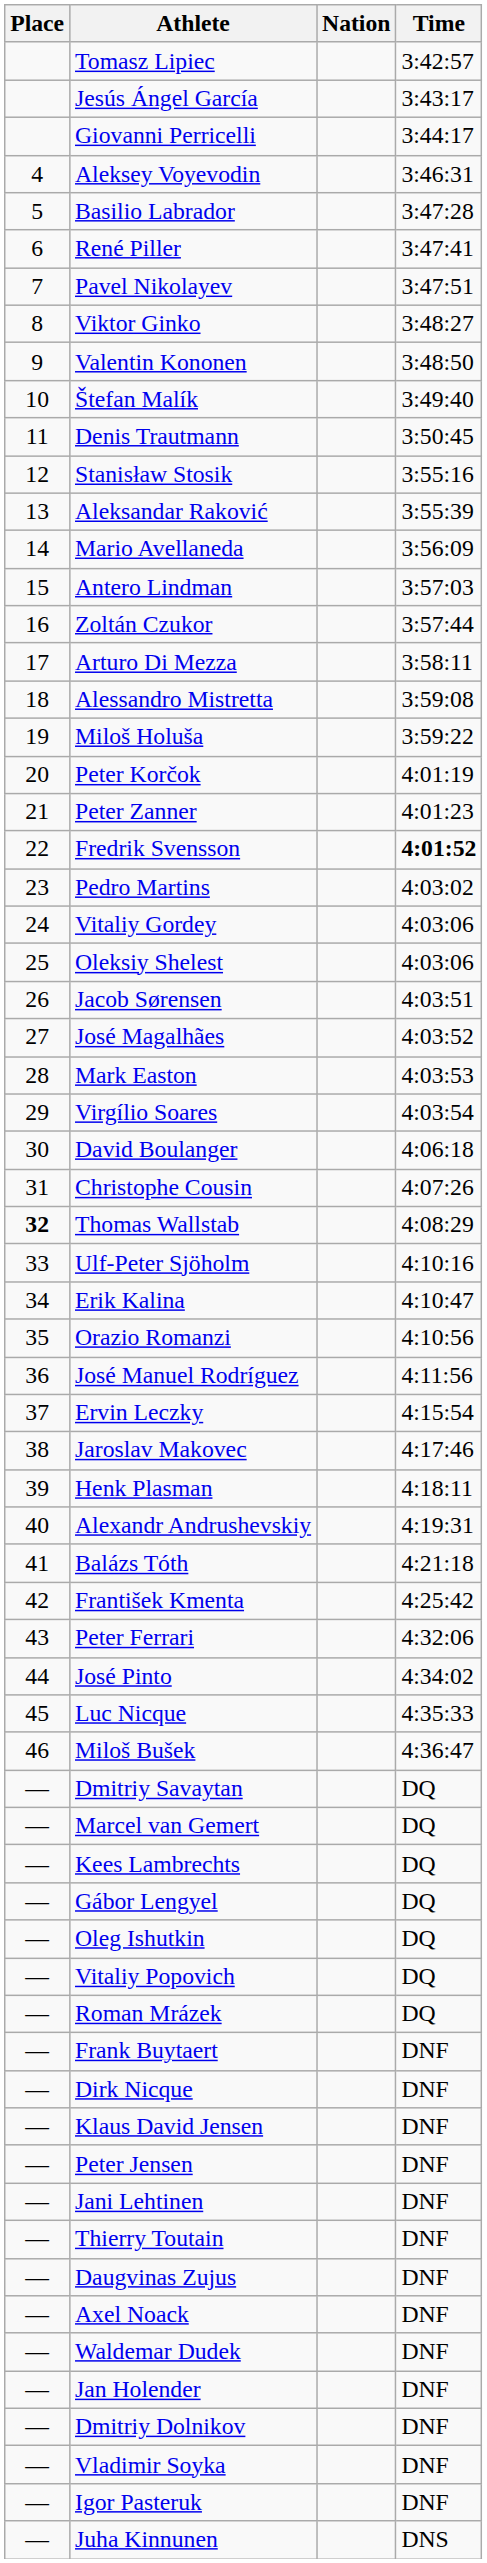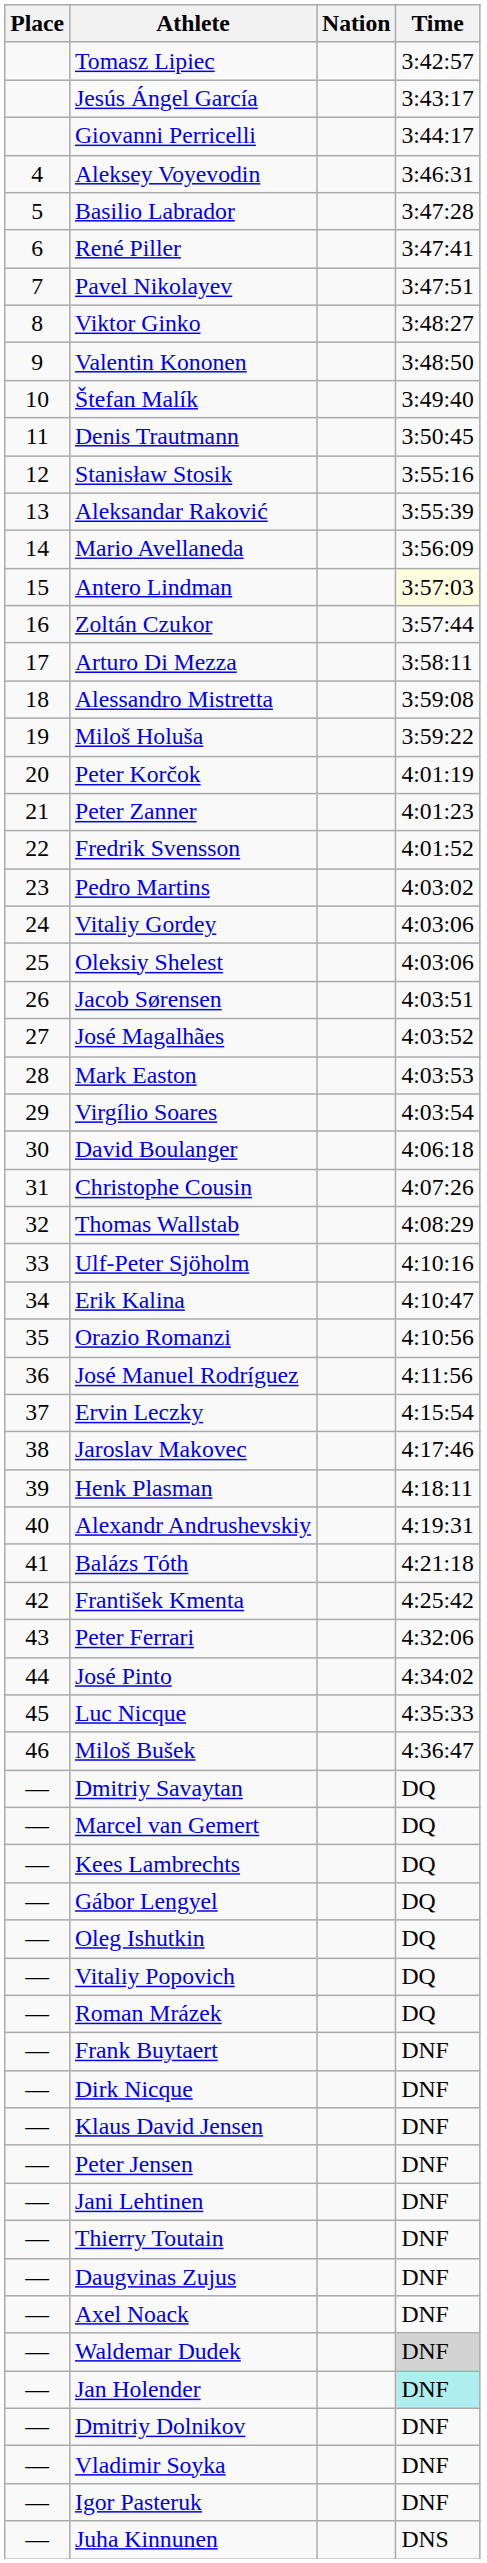 <table class="wikitable sortable">
 <tr>
 <th>Place</th>
 <th>Athlete</th>
 <th>Nation</th>
 <th>Time</th>
 </tr>
 <tr>
 <td align=center></td>
 <td><a href='#'>Tomasz Lipiec</a></td>
 <td></td>
 <td>3:42:57</td>
 </tr>
 <tr>
 <td align=center></td>
 <td><a href='#'>Jesús Ángel García</a></td>
 <td></td>
 <td>3:43:17</td>
 </tr>
 <tr>
 <td align=center></td>
 <td><a href='#'>Giovanni Perricelli</a></td>
 <td></td>
 <td>3:44:17</td>
 </tr>
 <tr>
 <td align=center>4</td>
 <td><a href='#'>Aleksey Voyevodin</a></td>
 <td></td>
 <td>3:46:31</td>
 </tr>
 <tr>
 <td align=center>5</td>
 <td><a href='#'>Basilio Labrador</a></td>
 <td></td>
 <td>3:47:28</td>
 </tr>
 <tr>
 <td align=center>6</td>
 <td><a href='#'>René Piller</a></td>
 <td></td>
 <td>3:47:41</td>
 </tr>
 <tr>
 <td align=center>7</td>
 <td><a href='#'>Pavel Nikolayev</a></td>
 <td></td>
 <td>3:47:51</td>
 </tr>
 <tr>
 <td align=center>8</td>
 <td><a href='#'>Viktor Ginko</a></td>
 <td></td>
 <td>3:48:27</td>
 </tr>
 <tr>
 <td align=center>9</td>
 <td><a href='#'>Valentin Kononen</a></td>
 <td></td>
 <td>3:48:50</td>
 </tr>
 <tr>
 <td align=center>10</td>
 <td><a href='#'>Štefan Malík</a></td>
 <td></td>
 <td>3:49:40</td>
 </tr>
 <tr>
 <td align=center>11</td>
 <td><a href='#'>Denis Trautmann</a></td>
 <td></td>
 <td>3:50:45</td>
 </tr>
 <tr>
 <td align=center>12</td>
 <td><a href='#'>Stanisław Stosik</a></td>
 <td></td>
 <td>3:55:16</td>
 </tr>
 <tr>
 <td align=center>13</td>
 <td><a href='#'>Aleksandar Raković</a></td>
 <td></td>
 <td>3:55:39</td>
 </tr>
 <tr>
 <td align=center>14</td>
 <td><a href='#'>Mario Avellaneda</a></td>
 <td></td>
 <td>3:56:09</td>
 </tr>
 <tr>
 <td align=center>15</td>
 <td><a href='#'>Antero Lindman</a></td>
 <td></td>
-<td>3:57:03</td>
+<td style="background: lightyellow;">3:57:03</td>
 </tr>
 <tr>
 <td align=center>16</td>
 <td><a href='#'>Zoltán Czukor</a></td>
 <td></td>
 <td>3:57:44</td>
 </tr>
 <tr>
 <td align=center>17</td>
 <td><a href='#'>Arturo Di Mezza</a></td>
 <td></td>
 <td>3:58:11</td>
 </tr>
 <tr>
 <td align=center>18</td>
 <td><a href='#'>Alessandro Mistretta</a></td>
 <td></td>
 <td>3:59:08</td>
 </tr>
 <tr>
 <td align=center>19</td>
 <td><a href='#'>Miloš Holuša</a></td>
 <td></td>
 <td>3:59:22</td>
 </tr>
 <tr>
 <td align=center>20</td>
 <td><a href='#'>Peter Korčok</a></td>
 <td></td>
 <td>4:01:19</td>
 </tr>
 <tr>
 <td align=center>21</td>
 <td><a href='#'>Peter Zanner</a></td>
 <td></td>
 <td>4:01:23</td>
 </tr>
 <tr>
 <td align=center>22</td>
 <td><a href='#'>Fredrik Svensson</a></td>
 <td></td>
-<td><strong>4:01:52</strong></td>
+<td>4:01:52</td>
 </tr>
 <tr>
 <td align=center>23</td>
 <td><a href='#'>Pedro Martins</a></td>
 <td></td>
 <td>4:03:02</td>
 </tr>
 <tr>
 <td align=center>24</td>
 <td><a href='#'>Vitaliy Gordey</a></td>
 <td></td>
 <td>4:03:06</td>
 </tr>
 <tr>
 <td align=center>25</td>
 <td><a href='#'>Oleksiy Shelest</a></td>
 <td></td>
 <td>4:03:06</td>
 </tr>
 <tr>
 <td align=center>26</td>
 <td><a href='#'>Jacob Sørensen</a></td>
 <td></td>
 <td>4:03:51</td>
 </tr>
 <tr>
 <td align=center>27</td>
 <td><a href='#'>José Magalhães</a></td>
 <td></td>
 <td>4:03:52</td>
 </tr>
 <tr>
 <td align=center>28</td>
 <td><a href='#'>Mark Easton</a></td>
 <td></td>
 <td>4:03:53</td>
 </tr>
 <tr>
 <td align=center>29</td>
 <td><a href='#'>Virgílio Soares</a></td>
 <td></td>
 <td>4:03:54</td>
 </tr>
 <tr>
 <td align=center>30</td>
 <td><a href='#'>David Boulanger</a></td>
 <td></td>
 <td>4:06:18</td>
 </tr>
 <tr>
 <td align=center>31</td>
 <td><a href='#'>Christophe Cousin</a></td>
 <td></td>
 <td>4:07:26</td>
 </tr>
 <tr>
-<td align=center><strong>32</strong></td>
+<td align=center>32</td>
 <td><a href='#'>Thomas Wallstab</a></td>
 <td></td>
 <td>4:08:29</td>
 </tr>
 <tr>
 <td align=center>33</td>
 <td><a href='#'>Ulf-Peter Sjöholm</a></td>
 <td></td>
 <td>4:10:16</td>
 </tr>
 <tr>
 <td align=center>34</td>
 <td><a href='#'>Erik Kalina</a></td>
 <td></td>
 <td>4:10:47</td>
 </tr>
 <tr>
 <td align=center>35</td>
 <td><a href='#'>Orazio Romanzi</a></td>
 <td></td>
 <td>4:10:56</td>
 </tr>
 <tr>
 <td align=center>36</td>
 <td><a href='#'>José Manuel Rodríguez</a></td>
 <td></td>
 <td>4:11:56</td>
 </tr>
 <tr>
 <td align=center>37</td>
 <td><a href='#'>Ervin Leczky</a></td>
 <td></td>
 <td>4:15:54</td>
 </tr>
 <tr>
 <td align=center>38</td>
 <td><a href='#'>Jaroslav Makovec</a></td>
 <td></td>
 <td>4:17:46</td>
 </tr>
 <tr>
 <td align=center>39</td>
 <td><a href='#'>Henk Plasman</a></td>
 <td></td>
 <td>4:18:11</td>
 </tr>
 <tr>
 <td align=center>40</td>
 <td><a href='#'>Alexandr Andrushevskiy</a></td>
 <td></td>
 <td>4:19:31</td>
 </tr>
 <tr>
 <td align=center>41</td>
 <td><a href='#'>Balázs Tóth</a></td>
 <td></td>
 <td>4:21:18</td>
 </tr>
 <tr>
 <td align=center>42</td>
 <td><a href='#'>František Kmenta</a></td>
 <td></td>
 <td>4:25:42</td>
 </tr>
 <tr>
 <td align=center>43</td>
 <td><a href='#'>Peter Ferrari</a></td>
 <td></td>
 <td>4:32:06</td>
 </tr>
 <tr>
 <td align=center>44</td>
 <td><a href='#'>José Pinto</a></td>
 <td></td>
 <td>4:34:02</td>
 </tr>
 <tr>
 <td align=center>45</td>
 <td><a href='#'>Luc Nicque</a></td>
 <td></td>
 <td>4:35:33</td>
 </tr>
 <tr>
 <td align=center>46</td>
 <td><a href='#'>Miloš Bušek</a></td>
 <td></td>
 <td>4:36:47</td>
 </tr>
 <tr>
 <td align=center>—</td>
 <td><a href='#'>Dmitriy Savaytan</a></td>
 <td></td>
 <td>DQ</td>
 </tr>
 <tr>
 <td align=center>—</td>
 <td><a href='#'>Marcel van Gemert</a></td>
 <td></td>
 <td>DQ</td>
 </tr>
 <tr>
 <td align=center>—</td>
 <td><a href='#'>Kees Lambrechts</a></td>
 <td></td>
 <td>DQ</td>
 </tr>
 <tr>
 <td align=center>—</td>
 <td><a href='#'>Gábor Lengyel</a></td>
 <td></td>
 <td>DQ</td>
 </tr>
 <tr>
 <td align=center>—</td>
 <td><a href='#'>Oleg Ishutkin</a></td>
 <td></td>
 <td>DQ</td>
 </tr>
 <tr>
 <td align=center>—</td>
 <td><a href='#'>Vitaliy Popovich</a></td>
 <td></td>
 <td>DQ</td>
 </tr>
 <tr>
 <td align=center>—</td>
 <td><a href='#'>Roman Mrázek</a></td>
 <td></td>
 <td>DQ</td>
 </tr>
 <tr>
 <td align=center>—</td>
 <td><a href='#'>Frank Buytaert</a></td>
 <td></td>
 <td>DNF</td>
 </tr>
 <tr>
 <td align=center>—</td>
 <td><a href='#'>Dirk Nicque</a></td>
 <td></td>
 <td>DNF</td>
 </tr>
 <tr>
 <td align=center>—</td>
 <td><a href='#'>Klaus David Jensen</a></td>
 <td></td>
 <td>DNF</td>
 </tr>
 <tr>
 <td align=center>—</td>
 <td><a href='#'>Peter Jensen</a></td>
 <td></td>
 <td>DNF</td>
 </tr>
 <tr>
 <td align=center>—</td>
 <td><a href='#'>Jani Lehtinen</a></td>
 <td></td>
 <td>DNF</td>
 </tr>
 <tr>
 <td align=center>—</td>
 <td><a href='#'>Thierry Toutain</a></td>
 <td></td>
 <td>DNF</td>
 </tr>
 <tr>
 <td align=center>—</td>
 <td><a href='#'>Daugvinas Zujus</a></td>
 <td></td>
 <td>DNF</td>
 </tr>
 <tr>
 <td align=center>—</td>
 <td><a href='#'>Axel Noack</a></td>
 <td></td>
 <td>DNF</td>
 </tr>
 <tr>
 <td align=center>—</td>
 <td><a href='#'>Waldemar Dudek</a></td>
 <td></td>
-<td>DNF</td>
+<td style="background: lightgrey;">DNF</td>
 </tr>
 <tr>
 <td align=center>—</td>
 <td><a href='#'>Jan Holender</a></td>
 <td></td>
-<td>DNF</td>
+<td style="background: paleturquoise;">DNF</td>
 </tr>
 <tr>
 <td align=center>—</td>
 <td><a href='#'>Dmitriy Dolnikov</a></td>
 <td></td>
 <td>DNF</td>
 </tr>
 <tr>
 <td align=center>—</td>
 <td><a href='#'>Vladimir Soyka</a></td>
 <td></td>
 <td>DNF</td>
 </tr>
 <tr>
 <td align=center>—</td>
 <td><a href='#'>Igor Pasteruk</a></td>
 <td></td>
 <td>DNF</td>
 </tr>
 <tr>
 <td align=center>—</td>
 <td><a href='#'>Juha Kinnunen</a></td>
 <td></td>
 <td>DNS</td>
 </tr>
 </table>
